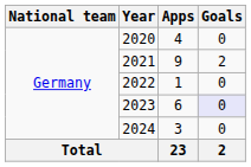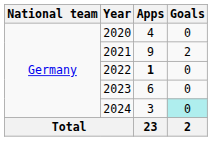 <table class="wikitable" style="text-align:center">
 <tr>
 <th>National team</th>
 <th>Year</th>
 <th>Apps</th>
 <th>Goals</th>
 </tr>
 <tr>
 <td rowspan="5"><a href='#'>Germany</a></td>
 <td>2020</td>
 <td>4</td>
 <td>0</td>
 </tr>
 <tr>
 <td>2021</td>
 <td>9</td>
 <td>2</td>
 </tr>
 <tr>
 <td>2022</td>
-<td>1</td>
+<td><strong>1</strong></td>
 <td>0</td>
 </tr>
 <tr>
 <td>2023</td>
 <td>6</td>
-<td style="background: lavender;">0</td>
+<td>0</td>
 </tr>
 <tr>
 <td>2024</td>
 <td>3</td>
-<td>0</td>
+<td style="background: paleturquoise;">0</td>
 </tr>
 <tr>
 <th colspan="2">Total</th>
 <th>23</th>
 <th>2</th>
 </tr>
 </table>
